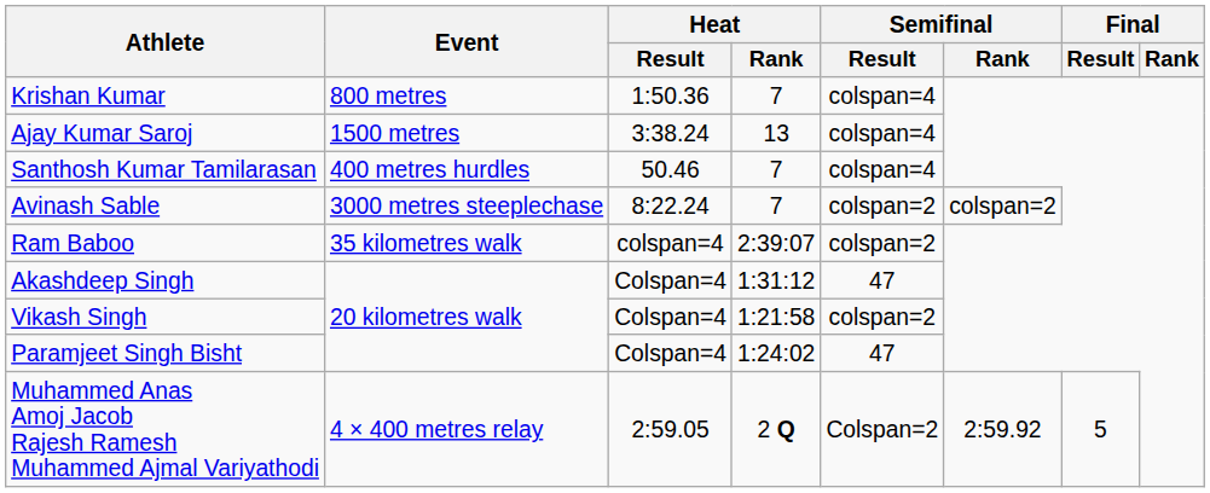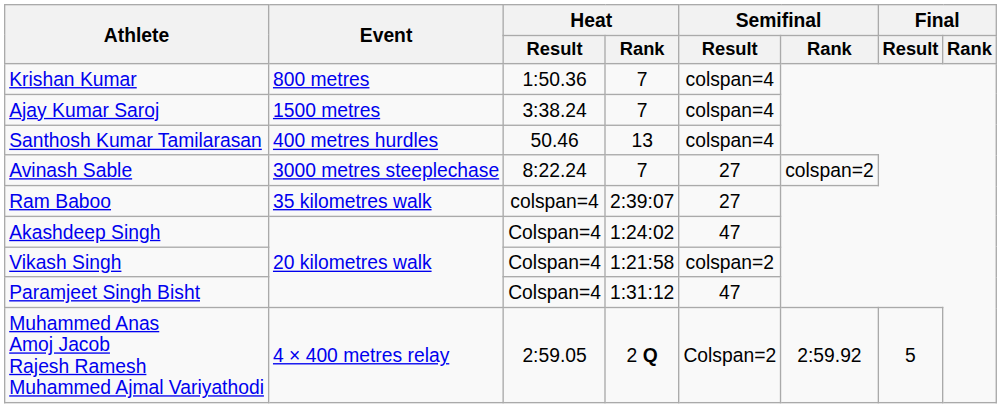 <table class="wikitable" style="font-size:90%">
 <tr>
 <th rowspan="2">Athlete</th>
 <th rowspan="2">Event</th>
 <th colspan="2">Heat</th>
 <th colspan="2">Semifinal</th>
 <th colspan="2">Final</th>
 </tr>
 <tr style="font-size:95%">
 <th>Result</th>
 <th>Rank</th>
 <th>Result</th>
 <th>Rank</th>
 <th>Result</th>
 <th>Rank</th>
 </tr>
 <tr align="center">
 <td style=text-align:left><a href='#'>Krishan Kumar</a></td>
 <td style=text-align:left><a href='#'>800 metres</a></td>
 <td>1:50.36</td>
 <td>7</td>
 <td>colspan=4 </td>
 </tr>
 <tr style=text-align:center>
 <td style=text-align:left><a href='#'>Ajay Kumar Saroj</a></td>
 <td style=text-align:left><a href='#'>1500 metres</a></td>
 <td>3:38.24 </td>
-<td>13</td>
+<td>7</td>
 <td>colspan=4 </td>
 </tr>
 <tr style=text-align:center>
 <td style=text-align:left><a href='#'>Santhosh Kumar Tamilarasan</a></td>
 <td style=text-align:left><a href='#'>400 metres hurdles</a></td>
 <td>50.46</td>
-<td>7</td>
+<td>13</td>
 <td>colspan=4 </td>
 </tr>
 <tr style=text-align:center>
 <td style=text-align:left><a href='#'>Avinash Sable</a></td>
 <td style=text-align:left><a href='#'>3000 metres steeplechase</a></td>
 <td>8:22.24</td>
 <td>7</td>
-<td>colspan=2 </td>
+<td>27</td>
 <td>colspan=2 </td>
 </tr>
 <tr style=text-align:center>
 <td style=text-align:left><a href='#'>Ram Baboo</a></td>
 <td style=text-align:left><a href='#'>35 kilometres walk</a></td>
 <td>colspan=4 </td>
 <td>2:39:07</td>
-<td>colspan=2 </td>
+<td>27</td>
 </tr>
 <tr align=center>
 <td align=left><a href='#'>Akashdeep Singh</a></td>
 <td rowspan="3" align="left"><a href='#'>20 kilometres walk</a></td>
 <td>Colspan=4 </td>
-<td>1:31:12</td>
+<td>1:24:02</td>
 <td>47</td>
 </tr>
 <tr align=center>
 <td align=left><a href='#'>Vikash Singh</a></td>
 <td>Colspan=4 </td>
 <td>1:21:58</td>
 <td>colspan=2 </td>
 </tr>
 <tr align=center>
 <td align=left><a href='#'>Paramjeet Singh Bisht</a></td>
 <td>Colspan=4 </td>
-<td>1:24:02</td>
+<td>1:31:12</td>
 <td>47</td>
 </tr>
 <tr style="text-align:center">
 <td style="text-align:left"><a href='#'>Muhammed Anas</a><br><a href='#'>Amoj Jacob</a><br><a href='#'>Rajesh Ramesh</a><br><a href='#'>Muhammed Ajmal Variyathodi</a></td>
 <td style="text-align:left"><a href='#'>4 × 400 metres relay</a></td>
 <td>2:59.05 </td>
 <td>2 <strong>Q</strong></td>
 <td>Colspan=2 </td>
 <td>2:59.92</td>
 <td>5</td>
 </tr>
 </table>
